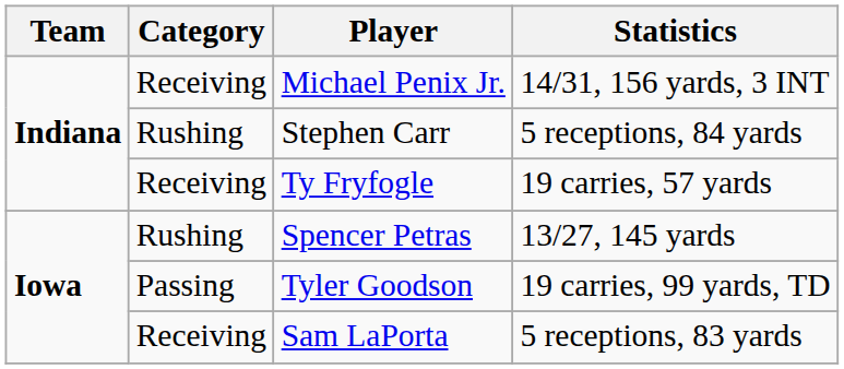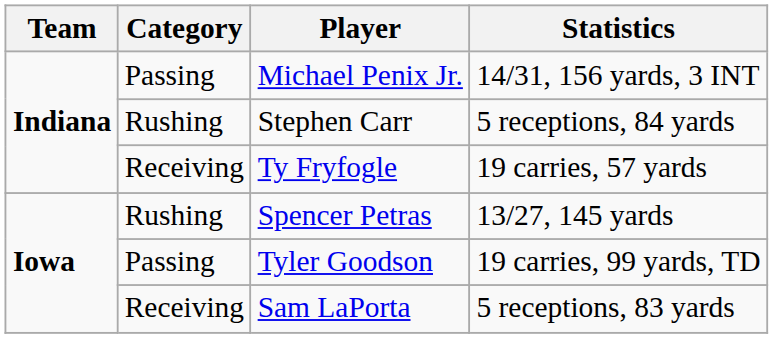 <table class="wikitable" style="float: right;">
 <tr>
 <th>Team</th>
 <th>Category</th>
 <th>Player</th>
 <th>Statistics</th>
 </tr>
 <tr>
 <td rowspan=3><strong>Indiana</strong></td>
-<td>Receiving</td>
+<td>Passing</td>
 <td><a href='#'>Michael Penix Jr.</a></td>
 <td>14/31, 156 yards, 3 INT</td>
 </tr>
 <tr>
 <td>Rushing</td>
 <td>Stephen Carr</td>
 <td>5 receptions, 84 yards</td>
 </tr>
 <tr>
 <td>Receiving</td>
 <td><a href='#'>Ty Fryfogle</a></td>
 <td>19 carries, 57 yards</td>
 </tr>
 <tr>
 <td rowspan=3><strong>Iowa</strong></td>
 <td>Rushing</td>
 <td><a href='#'>Spencer Petras</a></td>
 <td>13/27, 145 yards</td>
 </tr>
 <tr>
 <td>Passing</td>
 <td><a href='#'>Tyler Goodson</a></td>
 <td>19 carries, 99 yards, TD</td>
 </tr>
 <tr>
 <td>Receiving</td>
 <td><a href='#'>Sam LaPorta</a></td>
 <td>5 receptions, 83 yards</td>
 </tr>
 </table>
